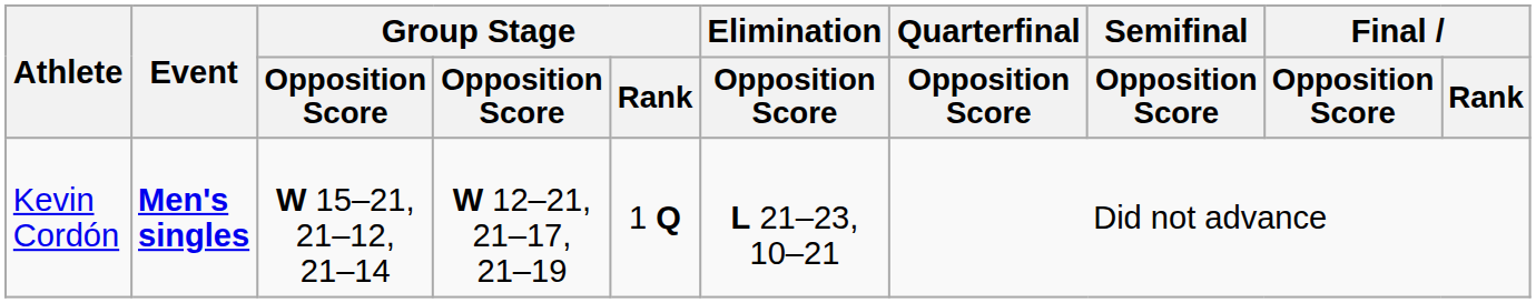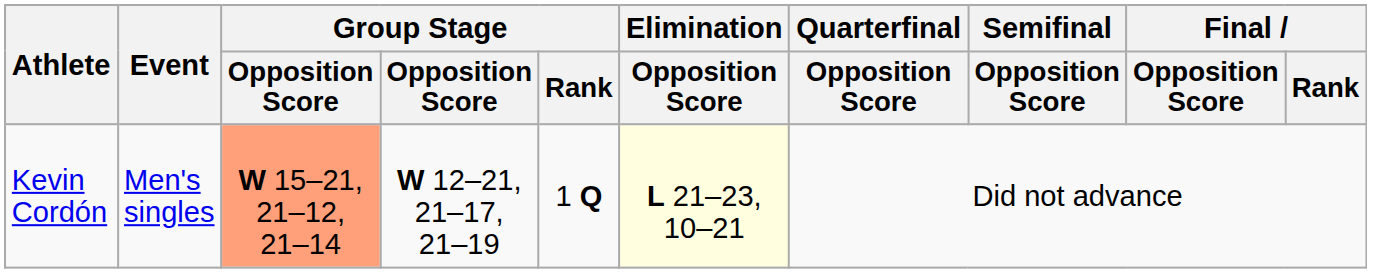 <table class="wikitable" style="font-size:90%">
 <tr>
 <th rowspan=2>Athlete</th>
 <th rowspan=2>Event</th>
 <th colspan=3>Group Stage</th>
 <th>Elimination</th>
 <th>Quarterfinal</th>
 <th>Semifinal</th>
 <th colspan=2>Final / </th>
 </tr>
 <tr style="font-size:95%">
 <th>Opposition<br>Score</th>
 <th>Opposition<br>Score</th>
 <th>Rank</th>
 <th>Opposition<br>Score</th>
 <th>Opposition<br>Score</th>
 <th>Opposition<br>Score</th>
 <th>Opposition<br>Score</th>
 <th>Rank</th>
 </tr>
 <tr align=center>
 <td align=left><a href='#'>Kevin Cordón</a></td>
-<td align=left><strong><a href='#'>Men's singles</a></strong></td>
-<td><br><strong>W</strong> 15–21, 21–12, 21–14</td>
+<td align=left><a href='#'>Men's singles</a></td>
+<td style="background: lightsalmon;"><br><strong>W</strong> 15–21, 21–12, 21–14</td>
 <td><br><strong>W</strong> 12–21, 21–17, 21–19</td>
 <td>1 <strong>Q</strong></td>
-<td><br><strong>L</strong> 21–23, 10–21</td>
+<td style="background: lightyellow;"><br><strong>L</strong> 21–23, 10–21</td>
 <td colspan=4>Did not advance</td>
 </tr>
 </table>
